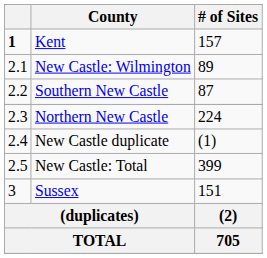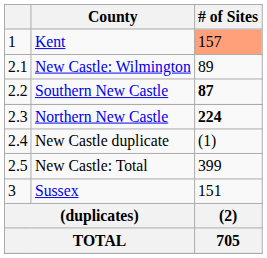 <table class="wikitable sortable">
 <tr>
 <th></th>
 <th>County</th>
 <th># of Sites</th>
 </tr>
 <tr ->
-<td><strong>1</strong></td>
+<td>1</td>
 <td><a href='#'>Kent</a></td>
-<td>157</td>
+<td style="background: lightsalmon;">157</td>
 </tr>
 <tr ->
 <td>2.1</td>
 <td><a href='#'>New Castle: Wilmington</a></td>
 <td>89</td>
 </tr>
 <tr ->
 <td>2.2</td>
 <td><a href='#'>Southern New Castle</a></td>
-<td>87</td>
+<td><strong>87</strong></td>
 </tr>
 <tr ->
 </tr>
 <tr ->
 <td>2.3</td>
 <td><a href='#'>Northern New Castle</a></td>
-<td>224</td>
+<td><strong>224</strong></td>
 </tr>
 <tr ->
 <td>2.4</td>
 <td>New Castle duplicate</td>
 <td>(1)</td>
 </tr>
 <tr ->
 <td>2.5</td>
 <td>New Castle: Total</td>
 <td>399</td>
 </tr>
 <tr ->
 <td>3</td>
 <td><a href='#'>Sussex</a></td>
 <td>151</td>
 </tr>
 <tr class="sortbottom">
 <th colspan="2">(duplicates)</th>
 <th>(2)</th>
 </tr>
 <tr class="sortbottom">
 <th colspan="2">TOTAL</th>
 <th>705</th>
 </tr>
 <tr ->
 </tr>
 </table>
